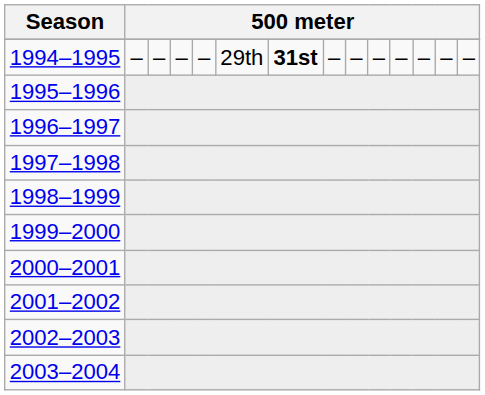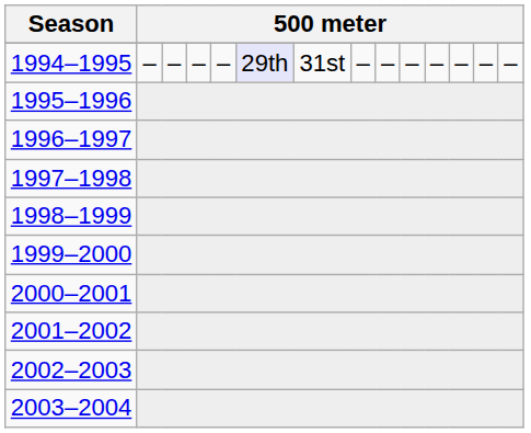 <table class="wikitable" style="display: inline-table;">
 <tr>
 <th>Season</th>
 <th colspan="13">500 meter</th>
 </tr>
 <tr>
 </tr>
 <tr>
 <td><a href='#'>1994–1995</a></td>
 <td>–</td>
 <td>–</td>
 <td>–</td>
 <td>–</td>
-<td>29th</td>
-<td><strong>31st</strong></td>
+<td style="background: lavender;">29th</td>
+<td>31st</td>
 <td>–</td>
 <td>–</td>
 <td>–</td>
 <td>–</td>
 <td>–</td>
 <td>–</td>
 <td>–</td>
 </tr>
 <tr>
 <td><a href='#'>1995–1996</a></td>
 <td colspan="13" bgcolor=#EEEEEE></td>
 </tr>
 <tr>
 <td><a href='#'>1996–1997</a></td>
 <td colspan="13" bgcolor=#EEEEEE></td>
 </tr>
 <tr>
 <td><a href='#'>1997–1998</a></td>
 <td colspan="13" bgcolor=#EEEEEE></td>
 </tr>
 <tr>
 <td><a href='#'>1998–1999</a></td>
 <td colspan="13" bgcolor=#EEEEEE></td>
 </tr>
 <tr>
 <td><a href='#'>1999–2000</a></td>
 <td colspan="13" bgcolor=#EEEEEE></td>
 </tr>
 <tr>
 <td><a href='#'>2000–2001</a></td>
 <td colspan="13" bgcolor=#EEEEEE></td>
 </tr>
 <tr>
 <td><a href='#'>2001–2002</a></td>
 <td colspan="13" bgcolor=#EEEEEE></td>
 </tr>
 <tr>
 <td><a href='#'>2002–2003</a></td>
 <td colspan="13" bgcolor=#EEEEEE></td>
 </tr>
 <tr>
 <td><a href='#'>2003–2004</a></td>
 <td colspan="13" bgcolor=#EEEEEE></td>
 </tr>
 </table>
